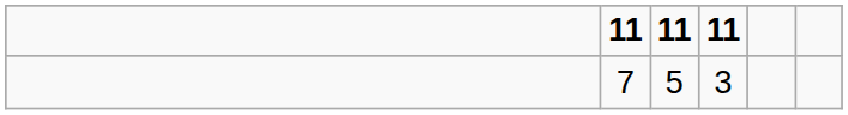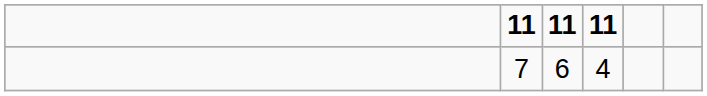 <table class="wikitable">
 <tr>
 <td style="width:18em"></td>
 <td align=center style="width:1em"><strong>11</strong></td>
 <td align=center style="width:1em"><strong>11</strong></td>
 <td align=center style="width:1em"><strong>11</strong></td>
 <td align=center style="width:1em"></td>
 <td align=center style="width:1em"></td>
 </tr>
 <tr>
 <td style="width:18em"></td>
 <td align=center style="width:1em">7</td>
-<td align=center style="width:1em">5</td>
-<td align=center style="width:1em">3</td>
+<td align=center style="width:1em">6</td>
+<td align=center style="width:1em">4</td>
 <td align=center style="width:1em"></td>
 <td align=center style="width:1em"></td>
 </tr>
 </table>
